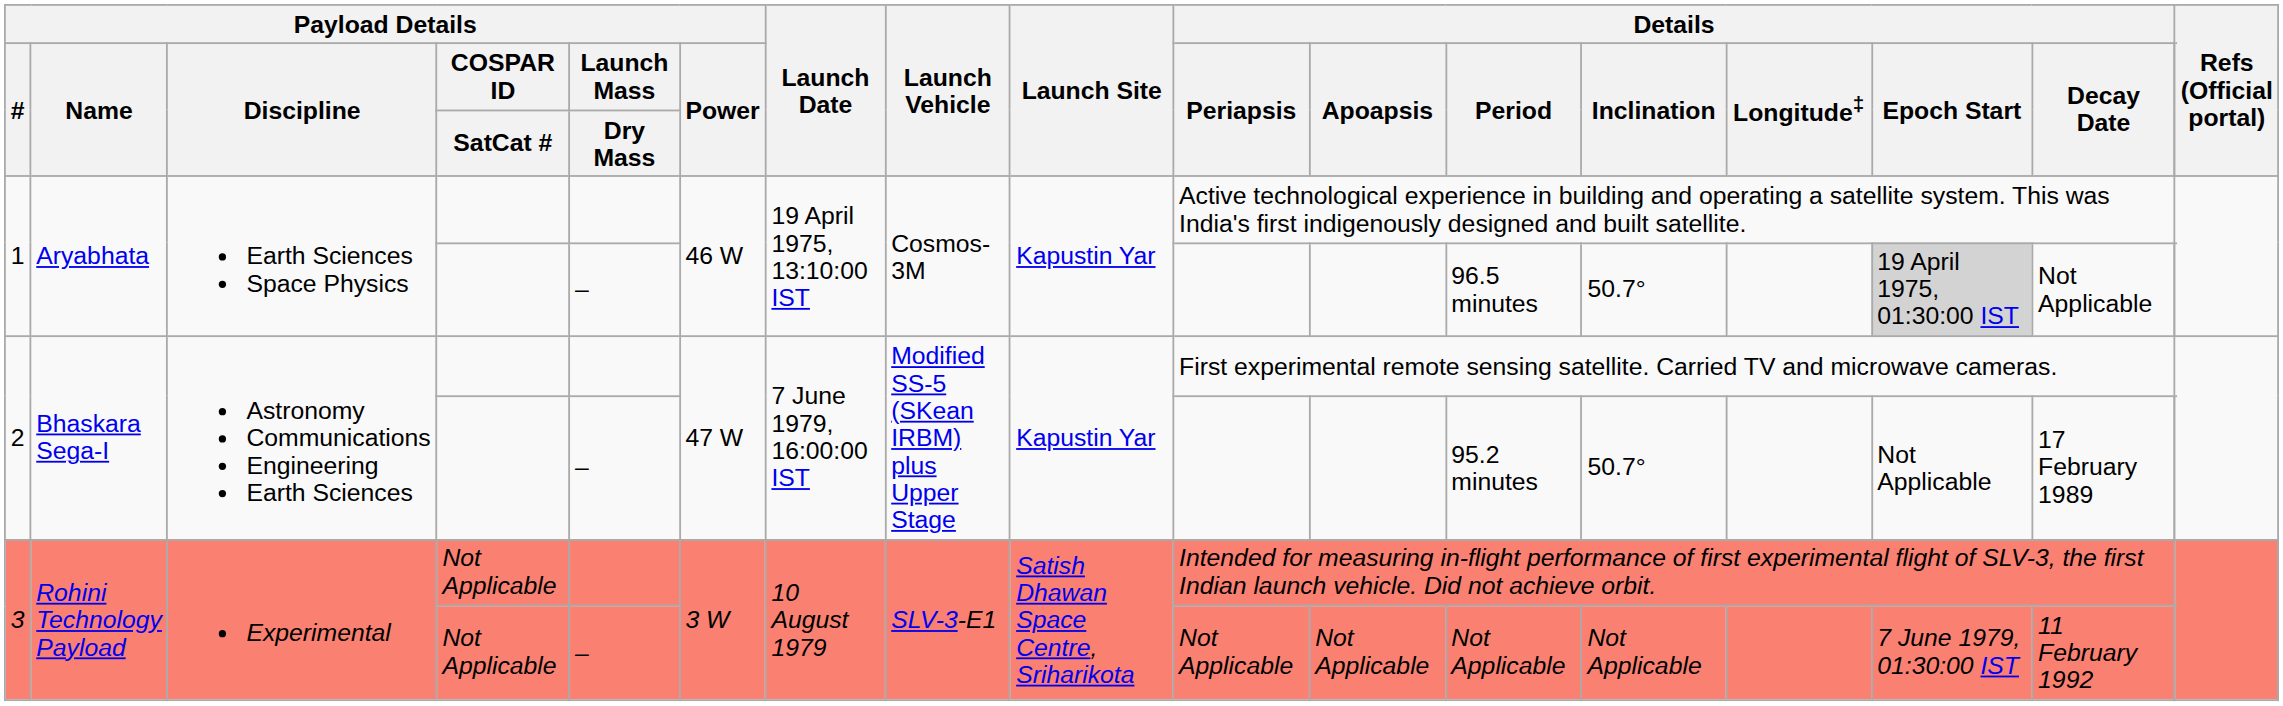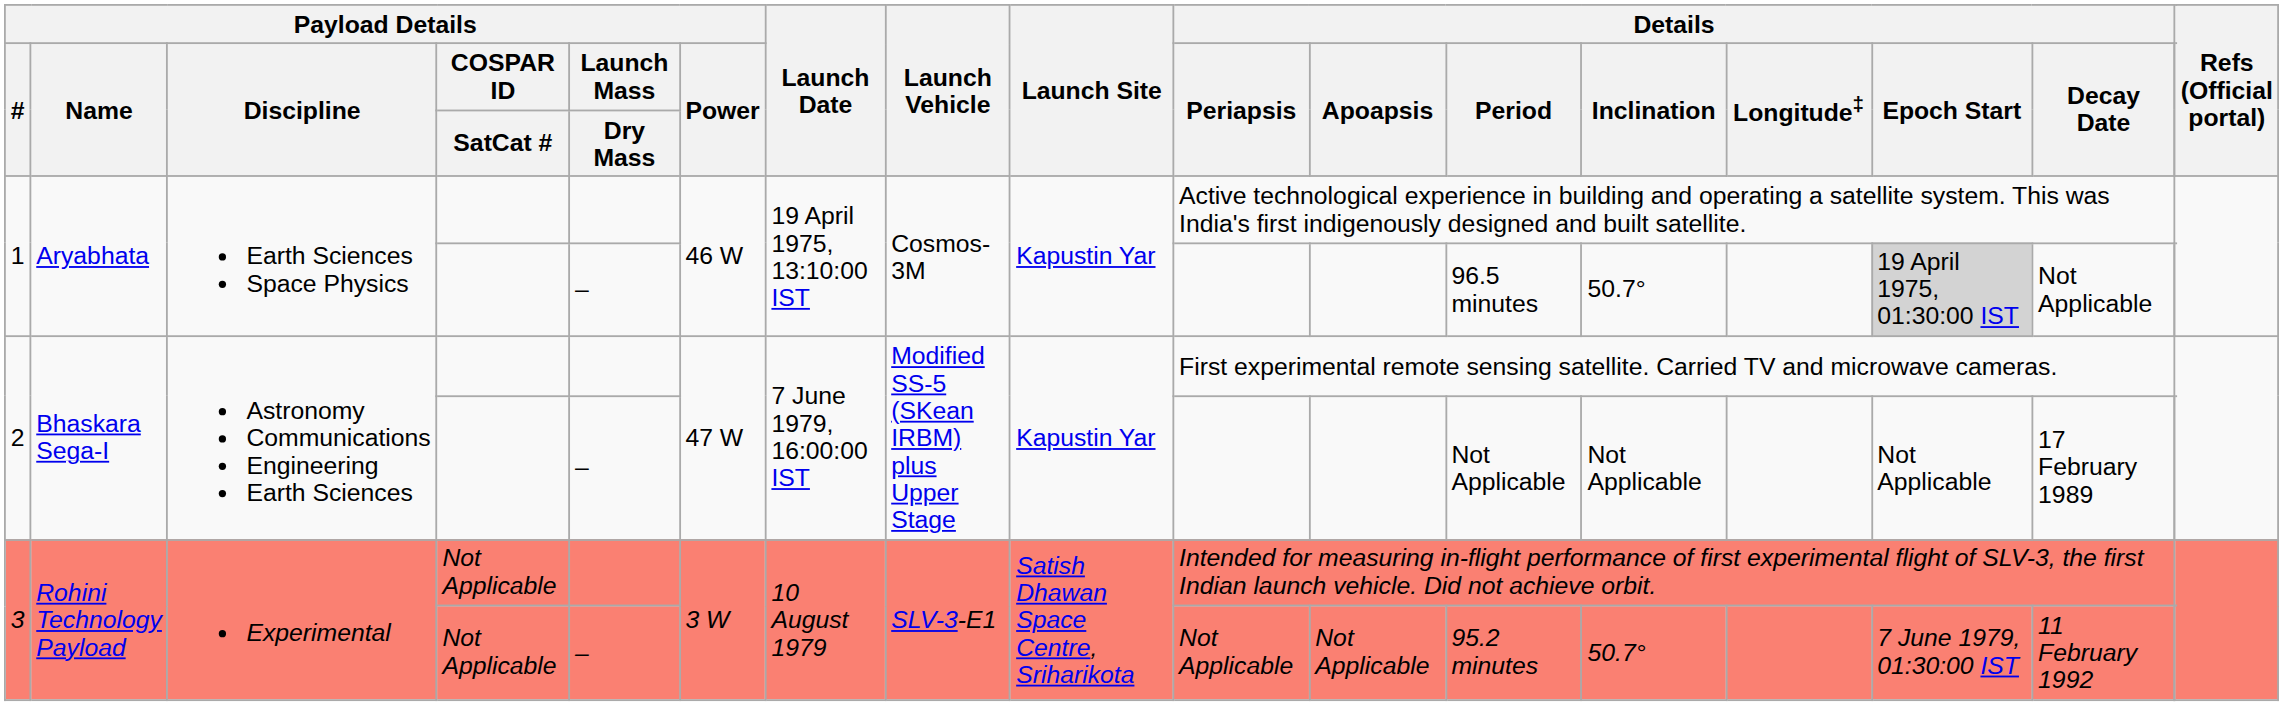 <table class="wikitable sortable sort-under" style="font-size: 85%">
 <tr>
 <th colspan="6">Payload Details</th>
 <th rowspan="3">Launch Date</th>
 <th rowspan="3">Launch Vehicle</th>
 <th rowspan="3">Launch Site</th>
 <th colspan="9">Details</th>
 <th rowspan="3">Refs<br>(Official<br>portal)</th>
 </tr>
 <tr>
 <th rowspan="2">#</th>
 <th rowspan="2">Name</th>
 <th rowspan="2">Discipline</th>
 <th>COSPAR ID</th>
 <th>Launch Mass</th>
 <th rowspan="2">Power</th>
 <th rowspan="2">Periapsis</th>
 <th rowspan="2">Apoapsis</th>
 <th rowspan="2">Period</th>
 <th rowspan="2">Inclination</th>
 <th rowspan="2">Longitude<sup>‡</sup></th>
 <th rowspan="2">Epoch Start</th>
 <th rowspan="2">Decay Date</th>
 </tr>
 <tr>
 <th>SatCat #</th>
 <th>Dry Mass</th>
 </tr>
 <tr>
 <td rowspan="2">1</td>
 <td rowspan="2"><a href='#'>Aryabhata</a></td>
 <td rowspan="2"><br><ul><li>Earth Sciences</li><li>Space Physics</li></ul></td>
 <td></td>
 <td></td>
 <td rowspan="2">46 W </td>
 <td rowspan="2">19 April 1975,<br>13:10:00 <a href='#'>IST</a></td>
 <td rowspan="2"> Cosmos-3M</td>
 <td rowspan="2"> <a href='#'>Kapustin Yar</a></td>
 <td colspan="9">Active technological experience in building and operating a satellite system. This was India's first indigenously designed and built satellite.</td>
 <td rowspan="2"> </td>
 </tr>
 <tr>
 <td></td>
 <td>–</td>
 <td></td>
 <td></td>
 <td>96.5 minutes</td>
 <td>50.7°</td>
 <td></td>
 <td style="background: lightgrey;">19 April 1975, 01:30:00 <a href='#'>IST</a></td>
 <td>Not Applicable</td>
 </tr>
 <tr>
 <td rowspan="2">2</td>
 <td rowspan="2"><a href='#'>Bhaskara<br>Sega-I</a></td>
 <td rowspan="2"><br><ul><li>Astronomy</li><li>Communications</li><li>Engineering</li><li>Earth Sciences </li></ul></td>
 <td></td>
 <td></td>
 <td rowspan="2">47 W </td>
 <td rowspan="2">7 June 1979,<br>16:00:00 <a href='#'>IST</a></td>
 <td rowspan="2"> <a href='#'>Modified SS-5<br>(SKean IRBM)<br>plus Upper Stage</a></td>
 <td rowspan="2"> <a href='#'>Kapustin Yar</a></td>
 <td colspan="9">First experimental remote sensing satellite. Carried TV and microwave cameras.</td>
 <td rowspan="2"></td>
 </tr>
 <tr>
 <td></td>
 <td>–</td>
 <td></td>
 <td></td>
-<td>95.2 minutes</td>
-<td>50.7°</td>
+<td>Not Applicable</td>
+<td>Not Applicable</td>
 <td></td>
 <td>Not Applicable</td>
 <td>17 February 1989</td>
 </tr>
 <tr style="background:#fa8072;font-style:italic;">
 <td rowspan="2">3</td>
 <td rowspan="2"><a href='#'>Rohini<br>Technology<br>Payload</a></td>
 <td rowspan="2"><br><ul><li>Experimental</li></ul></td>
 <td>Not Applicable</td>
 <td> </td>
 <td rowspan="2">3 W</td>
 <td rowspan="2">10 August 1979</td>
 <td rowspan="2"> <a href='#'>SLV-3</a>-E1</td>
 <td rowspan="2"> <a href='#'>Satish Dhawan Space Centre</a>,<br><a href='#'>Sriharikota</a></td>
 <td colspan="9">Intended for measuring in-flight performance of first experimental flight of SLV-3, the first Indian launch vehicle. Did not achieve orbit.</td>
 <td rowspan="2"> </td>
 </tr>
 <tr style="background:#fa8072;font-style:italic;">
 <td>Not Applicable</td>
 <td>–</td>
 <td>Not Applicable</td>
 <td>Not Applicable</td>
-<td>Not Applicable</td>
-<td>Not Applicable</td>
+<td>95.2 minutes</td>
+<td>50.7°</td>
 <td></td>
 <td>7 June 1979, 01:30:00 <a href='#'>IST</a></td>
 <td>11 February 1992</td>
 </tr>
 </table>
